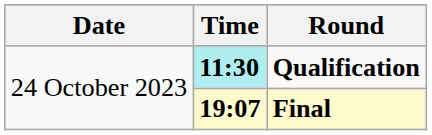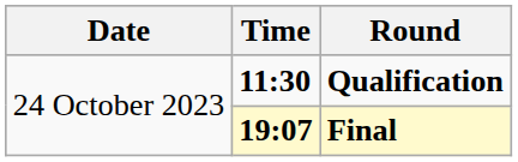 <table class="wikitable">
 <tr>
 <th>Date</th>
 <th>Time</th>
 <th>Round</th>
 </tr>
 <tr>
 <td rowspan=2>24 October 2023</td>
-<td style="background: paleturquoise;"><strong>11:30</strong></td>
+<td><strong>11:30</strong></td>
 <td><strong>Qualification</strong></td>
 </tr>
 <tr style=background:lemonchiffon>
 <td><strong>19:07</strong></td>
 <td><strong>Final</strong></td>
 </tr>
 </table>
